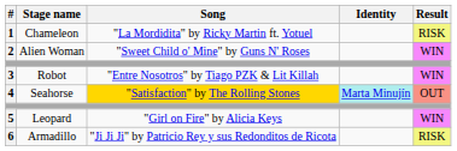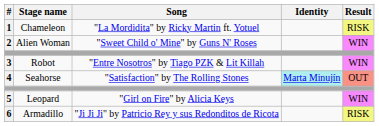 <table class="wikitable plainrowheaders" style="text-align: center;">
 <tr>
 <th>#</th>
 <th>Stage name</th>
 <th>Song</th>
 <th>Identity</th>
 <th>Result</th>
 </tr>
 <tr>
 <th>1</th>
 <td>Chameleon</td>
 <td>"<a href='#'>La Mordidita</a>" by <a href='#'>Ricky Martin</a> ft. <a href='#'>Yotuel</a></td>
 <td></td>
 <td bgcolor=#F3F781>RISK</td>
 </tr>
 <tr>
 <th>2</th>
 <td>Alien Woman</td>
 <td>"<a href='#'>Sweet Child o' Mine</a>" by <a href='#'>Guns N' Roses</a></td>
 <td></td>
 <td bgcolor=#F888FD>WIN</td>
 </tr>
 <tr>
 <td colspan="5" style="background:darkgray"></td>
 </tr>
 <tr>
 <th>3</th>
 <td>Robot</td>
 <td>"<a href='#'>Entre Nosotros</a>" by <a href='#'>Tiago PZK</a> & <a href='#'>Lit Killah</a></td>
 <td></td>
 <td bgcolor=#F888FD>WIN</td>
 </tr>
 <tr>
 <th>4</th>
 <td>Seahorse</td>
-<td style="background: gold;">"<a href='#'>Satisfaction</a>" by <a href='#'>The Rolling Stones</a></td>
+<td>"<a href='#'>Satisfaction</a>" by <a href='#'>The Rolling Stones</a></td>
 <td style="background: paleturquoise;"><a href='#'>Marta Minujín</a></td>
 <td bgcolor=#F99185>OUT</td>
 </tr>
 <tr>
 <td colspan="5" style="background:darkgray"></td>
 </tr>
 <tr>
 <th>5</th>
 <td>Leopard</td>
 <td>"<a href='#'>Girl on Fire</a>" by <a href='#'>Alicia Keys</a></td>
 <td></td>
 <td bgcolor=#F888FD>WIN</td>
 </tr>
 <tr>
 <th>6</th>
 <td>Armadillo</td>
 <td>"<a href='#'>Ji Ji Ji</a>" by <a href='#'>Patricio Rey y sus Redonditos de Ricota</a></td>
 <td></td>
 <td bgcolor=#F3F781>RISK</td>
 </tr>
 </table>
